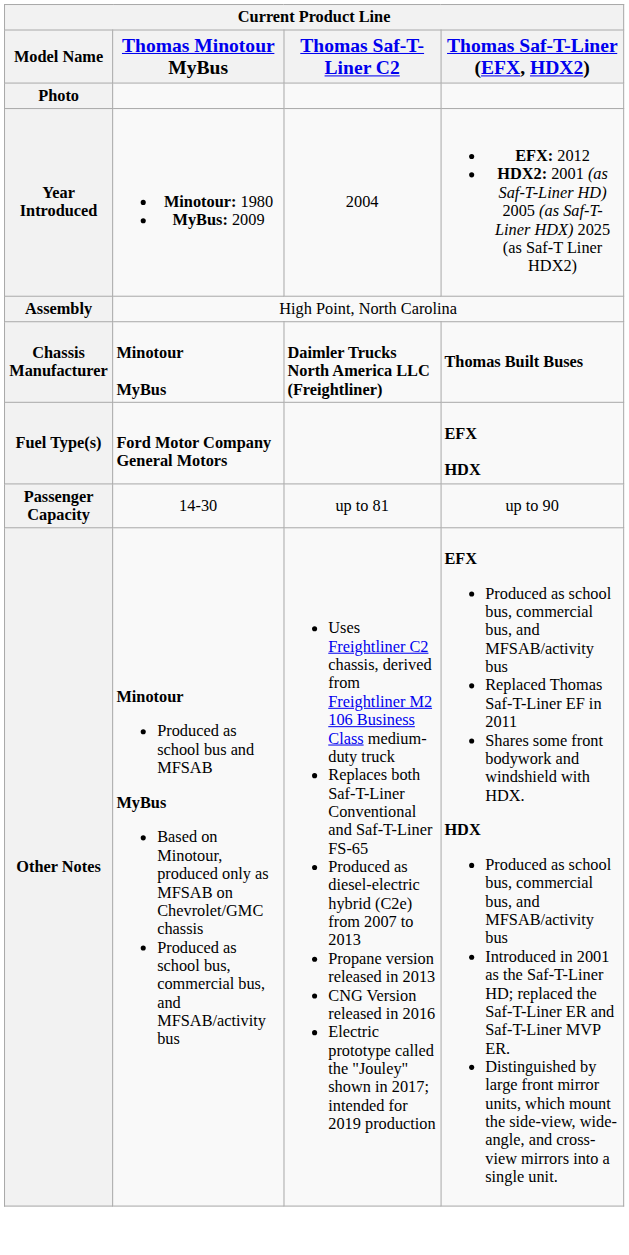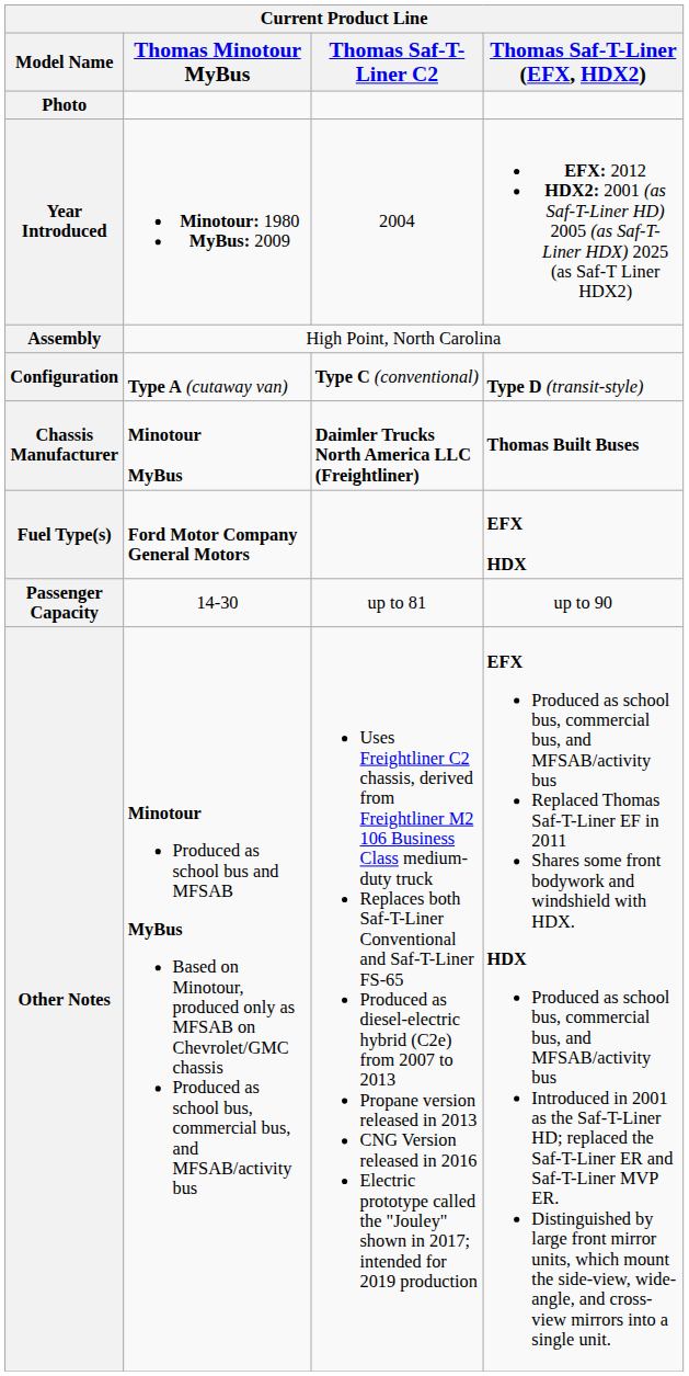 <table class="wikitable collapsible">
 <tr>
 <th colspan=4>Current Product Line</th>
 </tr>
 <tr>
 <th>Model Name</th>
 <th><big><a href='#'>Thomas Minotour</a> MyBus</big></th>
 <th><big><a href='#'>Thomas Saf-T-Liner C2</a></big></th>
 <th><big><a href='#'>Thomas Saf-T-Liner</a> (<a href='#'>EFX</a>, <a href='#'>HDX2</a>)</big></th>
 </tr>
 <tr>
 <th>Photo</th>
 <td style="text-align:center"></td>
 <td style="text-align:center"></td>
 <td style="text-align:center"></td>
 </tr>
 <tr>
 <th>Year Introduced</th>
 <td style="text-align:center"><br><ul><li><strong>Minotour:</strong> 1980</li><li><strong>MyBus:</strong> 2009</li></ul></td>
 <td style="text-align:center">2004</td>
 <td style="text-align:center"><br><ul><li><strong>EFX:</strong> 2012</li><li><strong>HDX2:</strong> 2001 <em>(as Saf-T-Liner HD)</em> 2005 <em>(as Saf-T-Liner HDX)</em> 2025 (as Saf-T Liner HDX2)</li></ul></td>
 </tr>
 <tr>
 <th>Assembly</th>
 <td colspan=3 style="text-align:center">High Point, North Carolina</td>
 </tr>
 <tr>
+<th>Configuration</th>
+<td><br><strong>Type A</strong> <em>(cutaway van)</em> </td>
+<td style="text-align:center"><strong>Type C</strong> <em>(conventional)</em></td>
+<td><br><strong>Type D</strong> <em>(transit-style)</em></td>
+</tr>
+<tr>
 <th>Chassis Manufacturer</th>
 <td><br><strong>Minotour</strong><br><br><strong>MyBus</strong><br></td>
 <td><br><strong>Daimler Trucks North America LLC (Freightliner)</strong><br></td>
 <td><strong>Thomas Built Buses</strong><br></td>
 </tr>
 <tr>
 <th>Fuel Type(s)</th>
 <td><br><strong>Ford Motor Company</strong><br> <strong>General Motors</strong> </td>
 <td style="text-align:center"><br></td>
 <td><br><strong>EFX</strong><br><br><strong>HDX</strong> </td>
 </tr>
 <tr>
 <th>Passenger Capacity</th>
 <td style="text-align:center">14-30</td>
 <td style="text-align:center">up to 81</td>
 <td style="text-align:center">up to 90</td>
 </tr>
 <tr>
 <th>Other Notes</th>
 <td><br><strong>Minotour</strong><ul><li>Produced as school bus and MFSAB</li></ul><strong>MyBus</strong><ul><li>Based on Minotour, produced only as MFSAB on Chevrolet/GMC chassis</li><li>Produced as school bus, commercial bus, and MFSAB/activity bus</li></ul></td>
 <td><br><ul><li>Uses <a href='#'>Freightliner C2</a> chassis, derived from <a href='#'>Freightliner M2 106 Business Class</a> medium-duty truck</li><li>Replaces both Saf-T-Liner Conventional and Saf-T-Liner FS-65</li><li>Produced as diesel-electric hybrid (C2e) from 2007 to 2013</li><li>Propane version released in 2013</li><li>CNG Version released in 2016</li><li>Electric prototype called the "Jouley" shown in 2017; intended for 2019 production</li></ul></td>
 <td><br><strong>EFX</strong><ul><li>Produced as school bus, commercial bus, and MFSAB/activity bus</li><li>Replaced Thomas Saf-T-Liner EF in 2011</li><li>Shares some front bodywork and windshield with HDX.</li></ul><strong>HDX</strong><ul><li>Produced as school bus, commercial bus, and MFSAB/activity bus</li><li>Introduced in 2001 as the Saf-T-Liner HD; replaced the Saf-T-Liner ER and Saf-T-Liner MVP ER.</li><li>Distinguished by large front mirror units, which mount the side-view, wide-angle, and cross-view mirrors into a single unit.</li></ul></td>
 </tr>
 </table>
